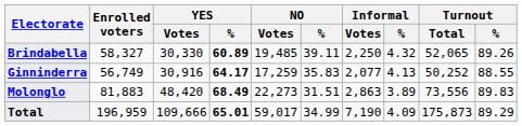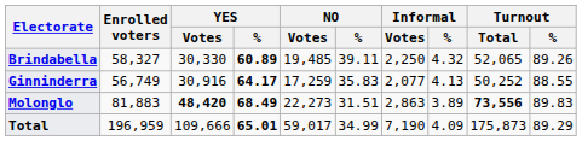 <table class="wikitable sortable">
 <tr>
 <th rowspan="2" style="text-align:center;"><a href='#'>Electorate</a></th>
 <th rowspan="2" style="text-align:center;">Enrolled<br>voters</th>
 <th colspan="2" align="center">YES</th>
 <th colspan="2" align="center">NO</th>
 <th colspan="2" align="center">Informal</th>
 <th colspan="2" align="center">Turnout</th>
 </tr>
 <tr>
 <th align="center">Votes</th>
 <th align="center">%</th>
 <th align="center">Votes</th>
 <th align="center">%</th>
 <th align="center">Votes</th>
 <th align="center">%</th>
 <th align="center">Total</th>
 <th align="center">%</th>
 </tr>
 <tr>
 <td align="left"; style=background:#EAECF0><strong><a href='#'>Brindabella</a></strong></td>
 <td style="text-align:center;">58,327</td>
 <td style="text-align:center;">30,330</td>
 <td> <strong>60.89</strong></td>
 <td style="text-align:center;">19,485</td>
 <td align="center">39.11</td>
 <td style="text-align:center;">2,250</td>
 <td align="center">4.32</td>
 <td style="text-align:center;">52,065</td>
 <td align="center">89.26</td>
 </tr>
 <tr>
 <td align="left"; style=background:#EAECF0><strong><a href='#'>Ginninderra</a></strong></td>
 <td style="text-align:center;">56,749</td>
 <td style="text-align:center;">30,916</td>
 <td> <strong>64.17</strong></td>
 <td style="text-align:center;">17,259</td>
 <td align="center">35.83</td>
 <td style="text-align:center;">2,077</td>
 <td align="center">4.13</td>
 <td style="text-align:center;">50,252</td>
 <td align="center">88.55</td>
 </tr>
 <tr>
 <td align="left"; style=background:#EAECF0><strong><a href='#'>Molonglo</a></strong></td>
 <td style="text-align:center;">81,883</td>
-<td style="text-align:center;">48,420</td>
+<td style="text-align:center;"><strong>48,420</strong></td>
 <td> <strong>68.49</strong></td>
 <td style="text-align:center;">22,273</td>
 <td align="center">31.51</td>
 <td style="text-align:center;">2,863</td>
 <td align="center">3.89</td>
-<td style="text-align:center;">73,556</td>
+<td style="text-align:center;"><strong>73,556</strong></td>
 <td align="center">89.83</td>
 </tr>
 <tr>
 <td align="left"; style=background:#EAECF0><strong>Total</strong></td>
 <td style="text-align:center;">196,959</td>
 <td style="text-align:center;">109,666</td>
 <td> <strong>65.01</strong></td>
 <td style="text-align:center;">59,017</td>
 <td align="center">34.99</td>
 <td style="text-align:center;">7,190</td>
 <td align="center">4.09</td>
 <td style="text-align:center;">175,873</td>
 <td align="center">89.29</td>
 </tr>
 </table>
